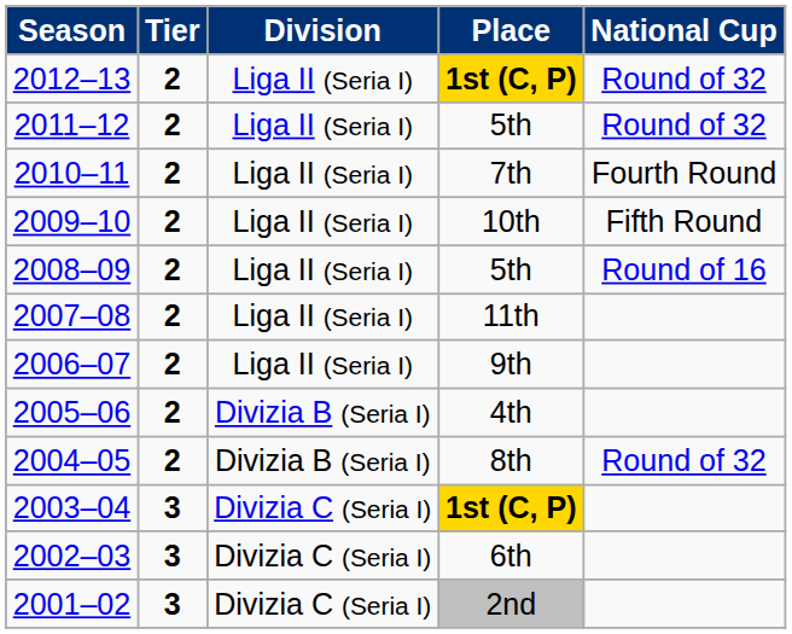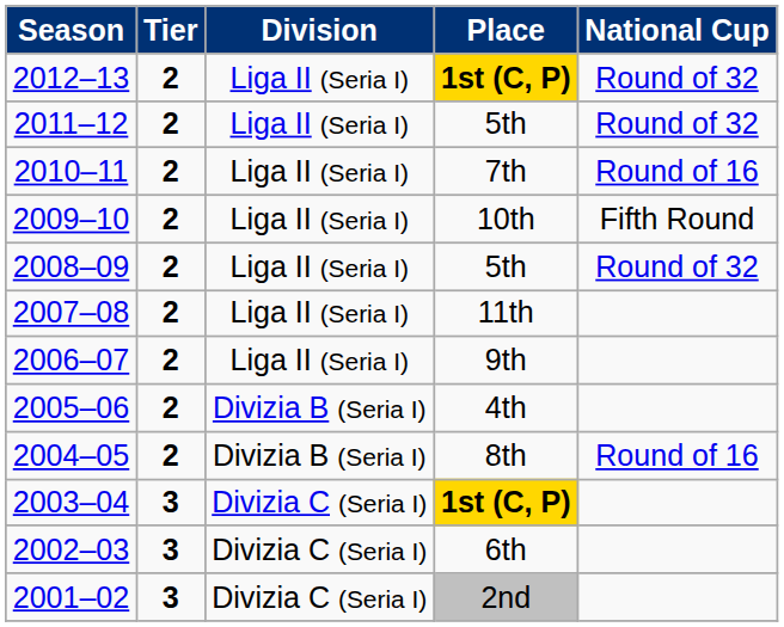 <table class="wikitable" style="text-align:center; font-size:90%">
 <tr>
 <th style="background:#003174;color:#ffffff;">Season</th>
 <th style="background:#003174;color:#ffffff;">Tier</th>
 <th style="background:#003174;color:#ffffff;">Division</th>
 <th style="background:#003174;color:#ffffff;">Place</th>
 <th style="background:#003174;color:#ffffff;">National Cup</th>
 </tr>
 <tr>
 <td><a href='#'>2012–13</a></td>
 <td><strong>2</strong></td>
 <td><a href='#'>Liga II</a> <small>(Seria I)</small></td>
 <td align=center bgcolor=gold><strong>1st</strong> <strong>(C, P)</strong></td>
 <td><a href='#'>Round of 32</a></td>
 </tr>
 <tr>
 <td><a href='#'>2011–12</a></td>
 <td><strong>2</strong></td>
 <td><a href='#'>Liga II</a> <small>(Seria I)</small></td>
 <td>5th</td>
 <td><a href='#'>Round of 32</a></td>
 </tr>
 <tr>
 <td><a href='#'>2010–11</a></td>
 <td><strong>2</strong></td>
 <td>Liga II <small>(Seria I)</small></td>
 <td>7th</td>
-<td>Fourth Round</td>
+<td><a href='#'>Round of 16</a></td>
 </tr>
 <tr>
 <td><a href='#'>2009–10</a></td>
 <td><strong>2</strong></td>
 <td>Liga II <small>(Seria I)</small></td>
 <td>10th</td>
 <td>Fifth Round</td>
 </tr>
 <tr>
 <td><a href='#'>2008–09</a></td>
 <td><strong>2</strong></td>
 <td>Liga II <small>(Seria I)</small></td>
 <td>5th</td>
-<td><a href='#'>Round of 16</a></td>
+<td><a href='#'>Round of 32</a></td>
 </tr>
 <tr>
 <td><a href='#'>2007–08</a></td>
 <td><strong>2</strong></td>
 <td>Liga II <small>(Seria I)</small></td>
 <td>11th</td>
 <td></td>
 </tr>
 <tr>
 <td><a href='#'>2006–07</a></td>
 <td><strong>2</strong></td>
 <td>Liga II <small>(Seria I)</small></td>
 <td>9th</td>
 <td></td>
 </tr>
 <tr>
 <td><a href='#'>2005–06</a></td>
 <td><strong>2</strong></td>
 <td><a href='#'>Divizia B</a> <small>(Seria I)</small></td>
 <td>4th</td>
 <td></td>
 </tr>
 <tr>
 <td><a href='#'>2004–05</a></td>
 <td><strong>2</strong></td>
 <td>Divizia B <small>(Seria I)</small></td>
 <td>8th</td>
-<td><a href='#'>Round of 32</a></td>
+<td><a href='#'>Round of 16</a></td>
 </tr>
 <tr>
 <td><a href='#'>2003–04</a></td>
 <td><strong>3</strong></td>
 <td><a href='#'>Divizia C</a> <small>(Seria I)</small></td>
 <td align=center bgcolor=gold><strong>1st</strong> <strong>(C, P)</strong></td>
 <td></td>
 </tr>
 <tr>
 <td><a href='#'>2002–03</a></td>
 <td><strong>3</strong></td>
 <td>Divizia C <small>(Seria I)</small></td>
 <td>6th</td>
 <td></td>
 </tr>
 <tr>
 <td><a href='#'>2001–02</a></td>
 <td><strong>3</strong></td>
 <td>Divizia C <small>(Seria I)</small></td>
 <td align=center bgcolor=silver>2nd</td>
 <td></td>
 </tr>
 </table>
